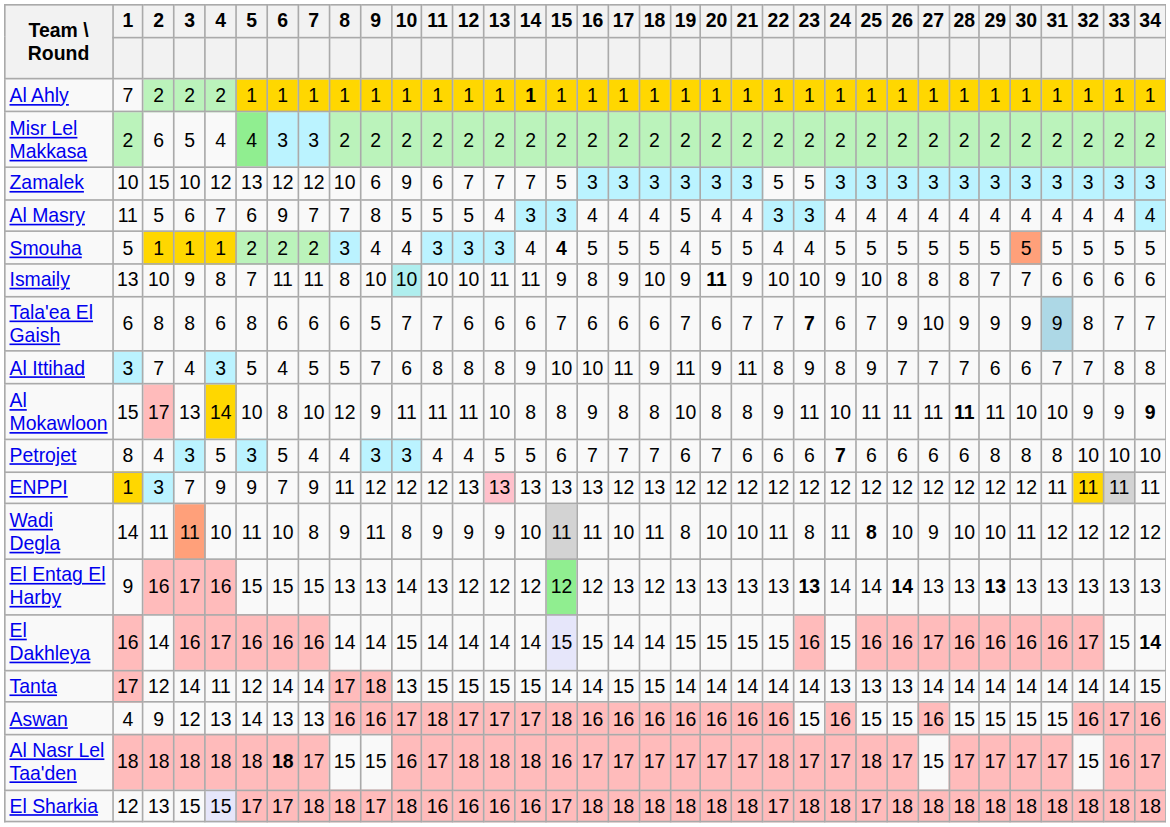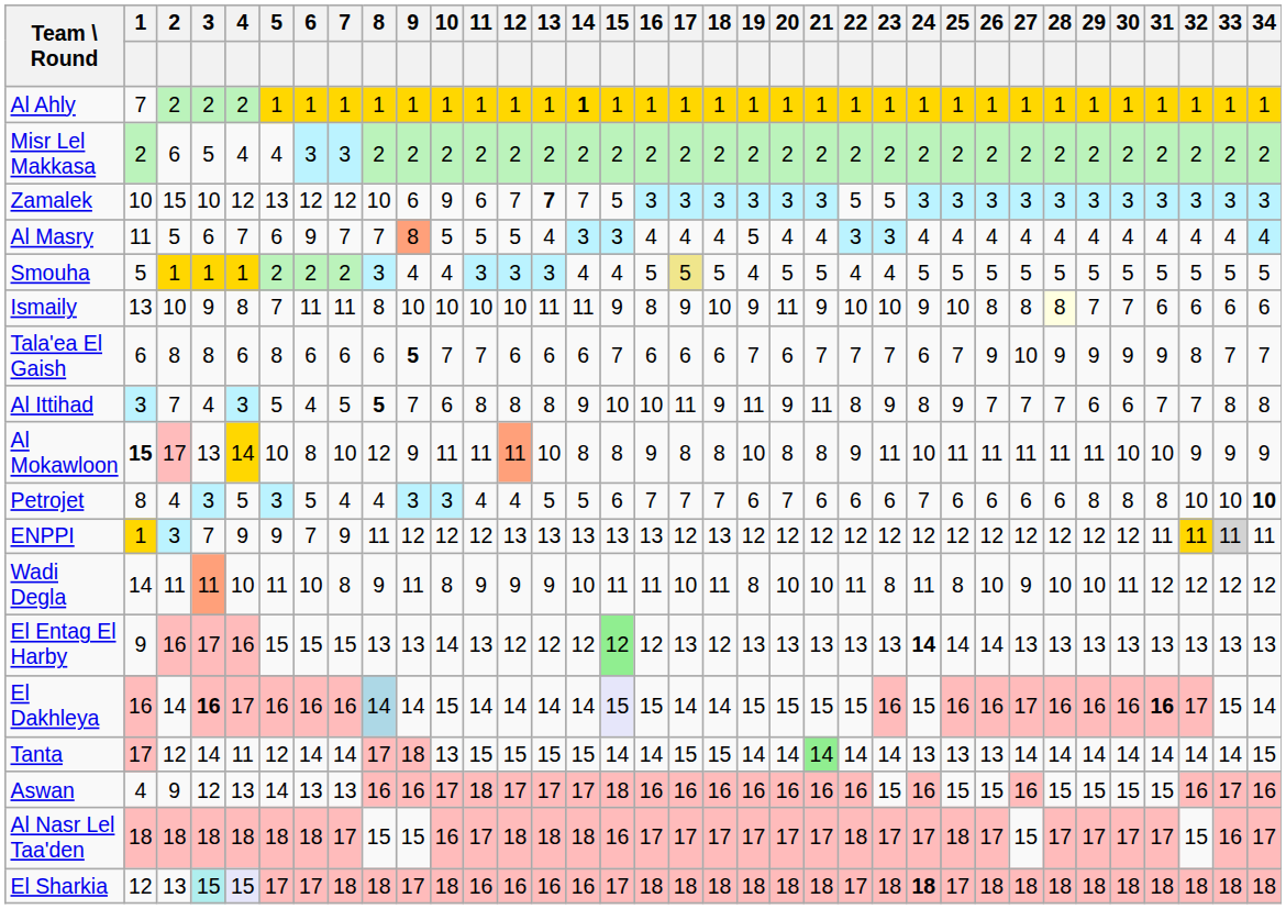 <table class="wikitable sortable" style="font-size: 74%; text-align:center;">
 <tr>
 <th rowspan="2" style="width:76px;">Team \ Round</th>
 <th align=center>1</th>
 <th align=center>2</th>
 <th align=center>3</th>
 <th align=center>4</th>
 <th align=center>5</th>
 <th align=center>6</th>
 <th align=center>7</th>
 <th align=center>8</th>
 <th align=center>9</th>
 <th align=center>10</th>
 <th align=center>11</th>
 <th align=center>12</th>
 <th align=center>13</th>
 <th align=center>14</th>
 <th align=center>15</th>
 <th align=center>16</th>
 <th align=center>17</th>
 <th align=center>18</th>
 <th align=center>19</th>
 <th align=center>20</th>
 <th align=center>21</th>
 <th align=center>22</th>
 <th align=center>23</th>
 <th align=center>24</th>
 <th align=center>25</th>
 <th align=center>26</th>
 <th align=center>27</th>
 <th align=center>28</th>
 <th align=center>29</th>
 <th align=center>30</th>
 <th align=center>31</th>
 <th align=center>32</th>
 <th align=center>33</th>
 <th align=center>34</th>
 </tr>
 <tr>
 <th style="text-align:center; height:20px;"></th>
 <th align=center></th>
 <th align=center></th>
 <th align=center></th>
 <th align=center></th>
 <th align=center></th>
 <th align=center></th>
 <th align=center></th>
 <th align=center></th>
 <th align=center></th>
 <th align=center></th>
 <th align=center></th>
 <th align=center></th>
 <th align=center></th>
 <th align=center></th>
 <th align=center></th>
 <th align=center></th>
 <th align=center></th>
 <th align=center></th>
 <th align=center></th>
 <th align=center></th>
 <th align=center></th>
 <th align=center></th>
 <th align=center></th>
 <th align=center></th>
 <th align=center></th>
 <th align=center></th>
 <th align=center></th>
 <th align=center></th>
 <th align=center></th>
 <th align=center></th>
 <th align=center></th>
 <th align=center></th>
 <th align=center></th>
 </tr>
 <tr align=center>
 <td align=left><a href='#'>Al Ahly</a></td>
 <td>7</td>
 <td style="background:#BBF3BB">2</td>
 <td style="background:#BBF3BB">2</td>
 <td style="background:#BBF3BB">2</td>
 <td style="background:gold">1</td>
 <td style="background:gold">1</td>
 <td style="background:gold">1</td>
 <td style="background:gold">1</td>
 <td style="background:gold">1</td>
 <td style="background:gold">1</td>
 <td style="background:gold">1</td>
 <td style="background:gold">1</td>
 <td style="background:gold">1</td>
 <td style="background:gold"><strong>1</strong></td>
 <td style="background:gold">1</td>
 <td style="background:gold">1</td>
 <td style="background:gold">1</td>
 <td style="background:gold">1</td>
 <td style="background:gold">1</td>
 <td style="background:gold">1</td>
 <td style="background:gold">1</td>
 <td style="background:gold">1</td>
 <td style="background:gold">1</td>
 <td style="background:gold">1</td>
 <td style="background:gold">1</td>
 <td style="background:gold">1</td>
 <td style="background:gold">1</td>
 <td style="background:gold">1</td>
 <td style="background:gold">1</td>
 <td style="background:gold">1</td>
 <td style="background:gold">1</td>
 <td style="background:gold">1</td>
 <td style="background:gold">1</td>
 <td style="background:gold">1</td>
 </tr>
 <tr align=center>
 <td align=left><a href='#'>Misr Lel Makkasa</a></td>
 <td style="background:#BBF3BB">2</td>
 <td>6</td>
 <td>5</td>
 <td>4</td>
-<td style="background: lightgreen;">4</td>
+<td>4</td>
 <td style="background:#BBF3FF">3</td>
 <td style="background:#BBF3FF">3</td>
 <td style="background:#BBF3BB">2</td>
 <td style="background:#BBF3BB">2</td>
 <td style="background:#BBF3BB">2</td>
 <td style="background:#BBF3BB">2</td>
 <td style="background:#BBF3BB">2</td>
 <td style="background:#BBF3BB">2</td>
 <td style="background:#BBF3BB">2</td>
 <td style="background:#BBF3BB">2</td>
 <td style="background:#BBF3BB">2</td>
 <td style="background:#BBF3BB">2</td>
 <td style="background:#BBF3BB">2</td>
 <td style="background:#BBF3BB">2</td>
 <td style="background:#BBF3BB">2</td>
 <td style="background:#BBF3BB">2</td>
 <td style="background:#BBF3BB">2</td>
 <td style="background:#BBF3BB">2</td>
 <td style="background:#BBF3BB">2</td>
 <td style="background:#BBF3BB">2</td>
 <td style="background:#BBF3BB">2</td>
 <td style="background:#BBF3BB">2</td>
 <td style="background:#BBF3BB">2</td>
 <td style="background:#BBF3BB">2</td>
 <td style="background:#BBF3BB">2</td>
 <td style="background:#BBF3BB">2</td>
 <td style="background:#BBF3BB">2</td>
 <td style="background:#BBF3BB">2</td>
 <td style="background:#BBF3BB">2</td>
 </tr>
 <tr align=center>
 <td align=left><a href='#'>Zamalek</a></td>
 <td>10</td>
 <td>15</td>
 <td>10</td>
 <td>12</td>
 <td>13</td>
 <td>12</td>
 <td>12</td>
 <td>10</td>
 <td>6</td>
 <td>9</td>
 <td>6</td>
 <td>7</td>
-<td>7</td>
+<td><strong>7</strong></td>
 <td>7</td>
 <td>5</td>
 <td style="background:#BBF3FF">3</td>
 <td style="background:#BBF3FF">3</td>
 <td style="background:#BBF3FF">3</td>
 <td style="background:#BBF3FF">3</td>
 <td style="background:#BBF3FF">3</td>
 <td style="background:#BBF3FF">3</td>
 <td>5</td>
 <td>5</td>
 <td style="background:#BBF3FF">3</td>
 <td style="background:#BBF3FF">3</td>
 <td style="background:#BBF3FF">3</td>
 <td style="background:#BBF3FF">3</td>
 <td style="background:#BBF3FF">3</td>
 <td style="background:#BBF3FF">3</td>
 <td style="background:#BBF3FF">3</td>
 <td style="background:#BBF3FF">3</td>
 <td style="background:#BBF3FF">3</td>
 <td style="background:#BBF3FF">3</td>
 <td style="background:#BBF3FF">3</td>
 </tr>
 <tr align=center>
 <td align=left><a href='#'>Al Masry</a></td>
 <td>11</td>
 <td>5</td>
 <td>6</td>
 <td>7</td>
 <td>6</td>
 <td>9</td>
 <td>7</td>
 <td>7</td>
-<td>8</td>
+<td style="background: lightsalmon;">8</td>
 <td>5</td>
 <td>5</td>
 <td>5</td>
 <td>4</td>
 <td style="background:#BBF3FF">3</td>
 <td style="background:#BBF3FF">3</td>
 <td>4</td>
 <td>4</td>
 <td>4</td>
 <td>5</td>
 <td>4</td>
 <td>4</td>
 <td style="background:#BBF3FF">3</td>
 <td style="background:#BBF3FF">3</td>
 <td>4</td>
 <td>4</td>
 <td>4</td>
 <td>4</td>
 <td>4</td>
 <td>4</td>
 <td>4</td>
 <td>4</td>
 <td>4</td>
 <td>4</td>
 <td style="background:#BBF3FF">4</td>
 </tr>
 <tr align=center>
 <td align=left><a href='#'>Smouha</a></td>
 <td>5</td>
 <td style="background:gold">1</td>
 <td style="background:gold">1</td>
 <td style="background:gold">1</td>
 <td style="background:#BBF3BB">2</td>
 <td style="background:#BBF3BB">2</td>
 <td style="background:#BBF3BB">2</td>
 <td style="background:#BBF3FF">3</td>
 <td>4</td>
 <td>4</td>
 <td style="background:#BBF3FF">3</td>
 <td style="background:#BBF3FF">3</td>
 <td style="background:#BBF3FF">3</td>
 <td>4</td>
-<td><strong>4</strong></td>
+<td>4</td>
 <td>5</td>
-<td>5</td>
+<td style="background: khaki;">5</td>
 <td>5</td>
 <td>4</td>
 <td>5</td>
 <td>5</td>
 <td>4</td>
 <td>4</td>
 <td>5</td>
 <td>5</td>
 <td>5</td>
 <td>5</td>
 <td>5</td>
 <td>5</td>
-<td style="background: lightsalmon;">5</td>
+<td>5</td>
 <td>5</td>
 <td>5</td>
 <td>5</td>
 <td>5</td>
 </tr>
 <tr align=center>
 <td align=left><a href='#'>Ismaily</a></td>
 <td>13</td>
 <td>10</td>
 <td>9</td>
 <td>8</td>
 <td>7</td>
 <td>11</td>
 <td>11</td>
 <td>8</td>
 <td>10</td>
-<td style="background: paleturquoise;">10</td>
+<td>10</td>
 <td>10</td>
 <td>10</td>
 <td>11</td>
 <td>11</td>
 <td>9</td>
 <td>8</td>
 <td>9</td>
 <td>10</td>
 <td>9</td>
-<td><strong>11</strong></td>
+<td>11</td>
 <td>9</td>
 <td>10</td>
 <td>10</td>
 <td>9</td>
 <td>10</td>
 <td>8</td>
 <td>8</td>
-<td>8</td>
+<td style="background: lightyellow;">8</td>
 <td>7</td>
 <td>7</td>
 <td>6</td>
 <td>6</td>
 <td>6</td>
 <td>6</td>
 </tr>
 <tr align=center>
 <td align=left><a href='#'>Tala'ea El Gaish</a></td>
 <td>6</td>
 <td>8</td>
 <td>8</td>
 <td>6</td>
 <td>8</td>
 <td>6</td>
 <td>6</td>
 <td>6</td>
-<td>5</td>
+<td><strong>5</strong></td>
 <td>7</td>
 <td>7</td>
 <td>6</td>
 <td>6</td>
 <td>6</td>
 <td>7</td>
 <td>6</td>
 <td>6</td>
 <td>6</td>
 <td>7</td>
 <td>6</td>
 <td>7</td>
 <td>7</td>
-<td><strong>7</strong></td>
+<td>7</td>
 <td>6</td>
 <td>7</td>
 <td>9</td>
 <td>10</td>
 <td>9</td>
 <td>9</td>
 <td>9</td>
-<td style="background: lightblue;">9</td>
+<td>9</td>
 <td>8</td>
 <td>7</td>
 <td>7</td>
 </tr>
 <tr align=center>
 <td align=left><a href='#'>Al Ittihad</a></td>
 <td style="background:#BBF3FF">3</td>
 <td>7</td>
 <td>4</td>
 <td style="background:#BBF3FF">3</td>
 <td>5</td>
 <td>4</td>
 <td>5</td>
-<td>5</td>
+<td><strong>5</strong></td>
 <td>7</td>
 <td>6</td>
 <td>8</td>
 <td>8</td>
 <td>8</td>
 <td>9</td>
 <td>10</td>
 <td>10</td>
 <td>11</td>
 <td>9</td>
 <td>11</td>
 <td>9</td>
 <td>11</td>
 <td>8</td>
 <td>9</td>
 <td>8</td>
 <td>9</td>
 <td>7</td>
 <td>7</td>
 <td>7</td>
 <td>6</td>
 <td>6</td>
 <td>7</td>
 <td>7</td>
 <td>8</td>
 <td>8</td>
 </tr>
 <tr align=center>
 <td align=left><a href='#'>Al Mokawloon</a></td>
-<td>15</td>
+<td><strong>15</strong></td>
 <td style="background:#FFBBBB">17</td>
 <td>13</td>
 <td style="background: gold;">14</td>
 <td>10</td>
 <td>8</td>
 <td>10</td>
 <td>12</td>
 <td>9</td>
 <td>11</td>
 <td>11</td>
-<td>11</td>
+<td style="background: lightsalmon;">11</td>
 <td>10</td>
 <td>8</td>
 <td>8</td>
 <td>9</td>
 <td>8</td>
 <td>8</td>
 <td>10</td>
 <td>8</td>
 <td>8</td>
 <td>9</td>
 <td>11</td>
 <td>10</td>
 <td>11</td>
 <td>11</td>
 <td>11</td>
-<td><strong>11</strong></td>
+<td>11</td>
 <td>11</td>
 <td>10</td>
 <td>10</td>
 <td>9</td>
 <td>9</td>
-<td><strong>9</strong></td>
+<td>9</td>
 </tr>
 <tr align=center>
 <td align=left><a href='#'>Petrojet</a></td>
 <td>8</td>
 <td>4</td>
 <td style="background:#BBF3FF">3</td>
 <td>5</td>
 <td style="background:#BBF3FF">3</td>
 <td>5</td>
 <td>4</td>
 <td>4</td>
 <td style="background:#BBF3FF">3</td>
 <td style="background:#BBF3FF">3</td>
 <td>4</td>
 <td>4</td>
 <td>5</td>
 <td>5</td>
 <td>6</td>
 <td>7</td>
 <td>7</td>
 <td>7</td>
 <td>6</td>
 <td>7</td>
 <td>6</td>
 <td>6</td>
 <td>6</td>
-<td><strong>7</strong></td>
+<td>7</td>
 <td>6</td>
 <td>6</td>
 <td>6</td>
 <td>6</td>
 <td>8</td>
 <td>8</td>
 <td>8</td>
 <td>10</td>
 <td>10</td>
-<td>10</td>
+<td><strong>10</strong></td>
 </tr>
 <tr align=center>
 <td align=left><a href='#'>ENPPI</a></td>
 <td style="background:gold">1</td>
 <td style="background:#BBF3FF">3</td>
 <td>7</td>
 <td>9</td>
 <td>9</td>
 <td>7</td>
 <td>9</td>
 <td>11</td>
 <td>12</td>
 <td>12</td>
 <td>12</td>
 <td>13</td>
-<td style="background: pink;">13</td>
+<td>13</td>
 <td>13</td>
 <td>13</td>
 <td>13</td>
 <td>12</td>
 <td>13</td>
 <td>12</td>
 <td>12</td>
 <td>12</td>
 <td>12</td>
 <td>12</td>
 <td>12</td>
 <td>12</td>
 <td>12</td>
 <td>12</td>
 <td>12</td>
 <td>12</td>
 <td>12</td>
 <td>11</td>
 <td style="background: gold;">11</td>
 <td style="background: lightgrey;">11</td>
 <td>11</td>
 </tr>
 <tr align=center>
 <td align=left><a href='#'>Wadi Degla</a></td>
 <td>14</td>
 <td>11</td>
 <td style="background: lightsalmon;">11</td>
 <td>10</td>
 <td>11</td>
 <td>10</td>
 <td>8</td>
 <td>9</td>
 <td>11</td>
 <td>8</td>
 <td>9</td>
 <td>9</td>
 <td>9</td>
 <td>10</td>
-<td style="background: lightgrey;">11</td>
+<td>11</td>
 <td>11</td>
 <td>10</td>
 <td>11</td>
 <td>8</td>
 <td>10</td>
 <td>10</td>
 <td>11</td>
 <td>8</td>
 <td>11</td>
-<td><strong>8</strong></td>
+<td>8</td>
 <td>10</td>
 <td>9</td>
 <td>10</td>
 <td>10</td>
 <td>11</td>
 <td>12</td>
 <td>12</td>
 <td>12</td>
 <td>12</td>
 </tr>
 <tr align=center>
 <td align=left><a href='#'>El Entag El Harby</a></td>
 <td>9</td>
 <td style="background:#FFBBBB">16</td>
 <td style="background:#FFBBBB">17</td>
 <td style="background:#FFBBBB">16</td>
 <td>15</td>
 <td>15</td>
 <td>15</td>
 <td>13</td>
 <td>13</td>
 <td>14</td>
 <td>13</td>
 <td>12</td>
 <td>12</td>
 <td>12</td>
 <td style="background: lightgreen;">12</td>
 <td>12</td>
 <td>13</td>
 <td>12</td>
 <td>13</td>
 <td>13</td>
 <td>13</td>
 <td>13</td>
-<td><strong>13</strong></td>
+<td>13</td>
+<td><strong>14</strong></td>
 <td>14</td>
 <td>14</td>
-<td><strong>14</strong></td>
 <td>13</td>
 <td>13</td>
-<td><strong>13</strong></td>
+<td>13</td>
 <td>13</td>
 <td>13</td>
 <td>13</td>
 <td>13</td>
 <td>13</td>
 </tr>
 <tr align=center>
 <td align=left><a href='#'>El Dakhleya</a></td>
 <td style="background:#FFBBBB">16</td>
 <td>14</td>
-<td style="background:#FFBBBB">16</td>
+<td style="background:#FFBBBB"><strong>16</strong></td>
 <td style="background:#FFBBBB">17</td>
 <td style="background:#FFBBBB">16</td>
 <td style="background:#FFBBBB">16</td>
 <td style="background:#FFBBBB">16</td>
-<td>14</td>
+<td style="background: lightblue;">14</td>
 <td>14</td>
 <td>15</td>
 <td>14</td>
 <td>14</td>
 <td>14</td>
 <td>14</td>
 <td style="background: lavender;">15</td>
 <td>15</td>
 <td>14</td>
 <td>14</td>
 <td>15</td>
 <td>15</td>
 <td>15</td>
 <td>15</td>
 <td style="background:#FFBBBB">16</td>
 <td>15</td>
 <td style="background:#FFBBBB">16</td>
 <td style="background:#FFBBBB">16</td>
 <td style="background:#FFBBBB">17</td>
 <td style="background:#FFBBBB">16</td>
 <td style="background:#FFBBBB">16</td>
 <td style="background:#FFBBBB">16</td>
-<td style="background:#FFBBBB">16</td>
+<td style="background:#FFBBBB"><strong>16</strong></td>
 <td style="background:#FFBBBB">17</td>
 <td>15</td>
-<td><strong>14</strong></td>
+<td>14</td>
 </tr>
 <tr align=center>
 <td align=left><a href='#'>Tanta</a></td>
 <td style="background:#FFBBBB">17</td>
 <td>12</td>
 <td>14</td>
 <td>11</td>
 <td>12</td>
 <td>14</td>
 <td>14</td>
 <td style="background:#FFBBBB">17</td>
 <td style="background:#FFBBBB">18</td>
 <td>13</td>
 <td>15</td>
 <td>15</td>
 <td>15</td>
 <td>15</td>
 <td>14</td>
 <td>14</td>
 <td>15</td>
 <td>15</td>
 <td>14</td>
 <td>14</td>
-<td>14</td>
+<td style="background: lightgreen;">14</td>
 <td>14</td>
 <td>14</td>
 <td>13</td>
 <td>13</td>
 <td>13</td>
 <td>14</td>
 <td>14</td>
 <td>14</td>
 <td>14</td>
 <td>14</td>
 <td>14</td>
 <td>14</td>
 <td>15</td>
 </tr>
 <tr align=center>
 <td align=left><a href='#'>Aswan</a></td>
 <td>4</td>
 <td>9</td>
 <td>12</td>
 <td>13</td>
 <td>14</td>
 <td>13</td>
 <td>13</td>
 <td style="background:#FFBBBB">16</td>
 <td style="background:#FFBBBB">16</td>
 <td style="background:#FFBBBB">17</td>
 <td style="background:#FFBBBB">18</td>
 <td style="background:#FFBBBB">17</td>
 <td style="background:#FFBBBB">17</td>
 <td style="background:#FFBBBB">17</td>
 <td style="background:#FFBBBB">18</td>
 <td style="background:#FFBBBB">16</td>
 <td style="background:#FFBBBB">16</td>
 <td style="background:#FFBBBB">16</td>
 <td style="background:#FFBBBB">16</td>
 <td style="background:#FFBBBB">16</td>
 <td style="background:#FFBBBB">16</td>
 <td style="background:#FFBBBB">16</td>
 <td>15</td>
 <td style="background:#FFBBBB">16</td>
 <td>15</td>
 <td>15</td>
 <td style="background:#FFBBBB">16</td>
 <td>15</td>
 <td>15</td>
 <td>15</td>
 <td>15</td>
 <td style="background:#FFBBBB">16</td>
 <td style="background:#FFBBBB">17</td>
 <td style="background:#FFBBBB">16</td>
 </tr>
 <tr align=center>
 <td align=left><a href='#'>Al Nasr Lel Taa'den</a></td>
 <td style="background:#FFBBBB">18</td>
 <td style="background:#FFBBBB">18</td>
 <td style="background:#FFBBBB">18</td>
 <td style="background:#FFBBBB">18</td>
 <td style="background:#FFBBBB">18</td>
-<td style="background:#FFBBBB"><strong>18</strong></td>
+<td style="background:#FFBBBB">18</td>
 <td style="background:#FFBBBB">17</td>
 <td>15</td>
 <td>15</td>
 <td style="background:#FFBBBB">16</td>
 <td style="background:#FFBBBB">17</td>
 <td style="background:#FFBBBB">18</td>
 <td style="background:#FFBBBB">18</td>
 <td style="background:#FFBBBB">18</td>
 <td style="background:#FFBBBB">16</td>
 <td style="background:#FFBBBB">17</td>
 <td style="background:#FFBBBB">17</td>
 <td style="background:#FFBBBB">17</td>
 <td style="background:#FFBBBB">17</td>
 <td style="background:#FFBBBB">17</td>
 <td style="background:#FFBBBB">17</td>
 <td style="background:#FFBBBB">18</td>
 <td style="background:#FFBBBB">17</td>
 <td style="background:#FFBBBB">17</td>
 <td style="background:#FFBBBB">18</td>
 <td style="background:#FFBBBB">17</td>
 <td>15</td>
 <td style="background:#FFBBBB">17</td>
 <td style="background:#FFBBBB">17</td>
 <td style="background:#FFBBBB">17</td>
 <td style="background:#FFBBBB">17</td>
 <td>15</td>
 <td style="background:#FFBBBB">16</td>
 <td style="background:#FFBBBB">17</td>
 </tr>
 <tr align=center>
 <td align=left><a href='#'>El Sharkia</a></td>
 <td>12</td>
 <td>13</td>
-<td>15</td>
+<td style="background: paleturquoise;">15</td>
 <td style="background: lavender;">15</td>
 <td style="background:#FFBBBB">17</td>
 <td style="background:#FFBBBB">17</td>
 <td style="background:#FFBBBB">18</td>
 <td style="background:#FFBBBB">18</td>
 <td style="background:#FFBBBB">17</td>
 <td style="background:#FFBBBB">18</td>
 <td style="background:#FFBBBB">16</td>
 <td style="background:#FFBBBB">16</td>
 <td style="background:#FFBBBB">16</td>
 <td style="background:#FFBBBB">16</td>
 <td style="background:#FFBBBB">17</td>
 <td style="background:#FFBBBB">18</td>
 <td style="background:#FFBBBB">18</td>
 <td style="background:#FFBBBB">18</td>
 <td style="background:#FFBBBB">18</td>
 <td style="background:#FFBBBB">18</td>
 <td style="background:#FFBBBB">18</td>
 <td style="background:#FFBBBB">17</td>
 <td style="background:#FFBBBB">18</td>
-<td style="background:#FFBBBB">18</td>
+<td style="background:#FFBBBB"><strong>18</strong></td>
 <td style="background:#FFBBBB">17</td>
 <td style="background:#FFBBBB">18</td>
 <td style="background:#FFBBBB">18</td>
 <td style="background:#FFBBBB">18</td>
 <td style="background:#FFBBBB">18</td>
 <td style="background:#FFBBBB">18</td>
 <td style="background:#FFBBBB">18</td>
 <td style="background:#FFBBBB">18</td>
 <td style="background:#FFBBBB">18</td>
 <td style="background:#FFBBBB">18</td>
 </tr>
 </table>
